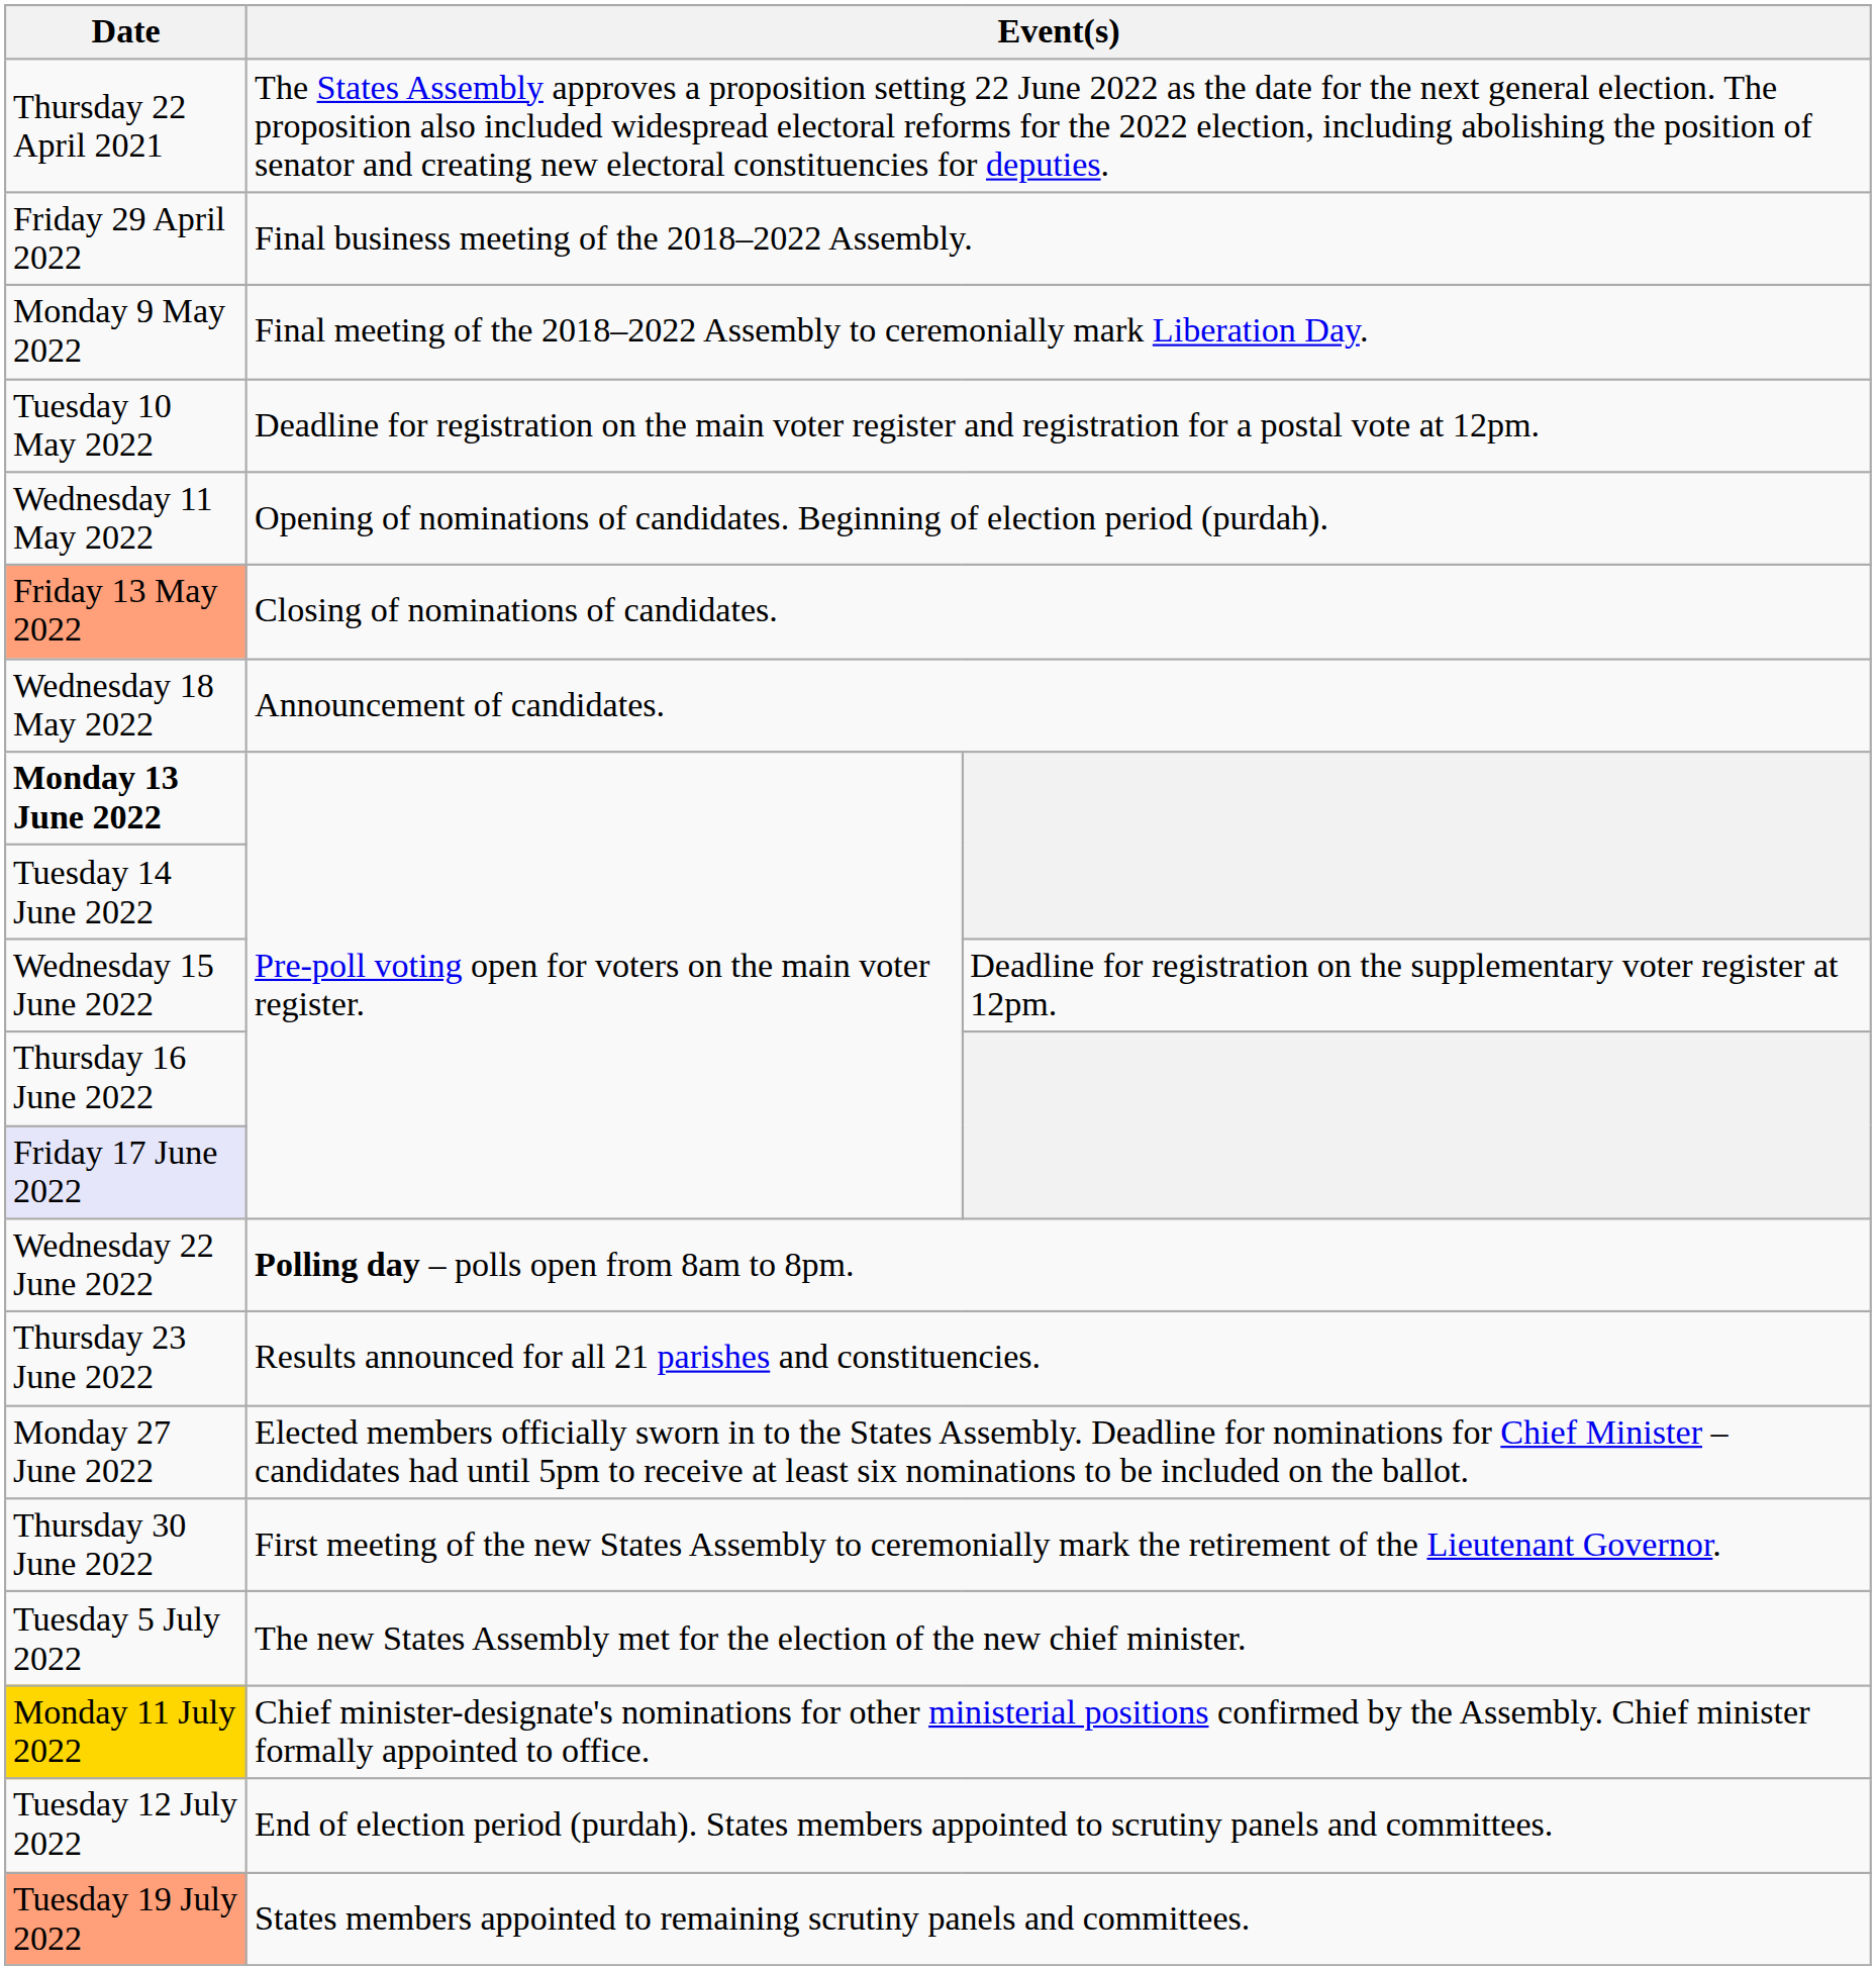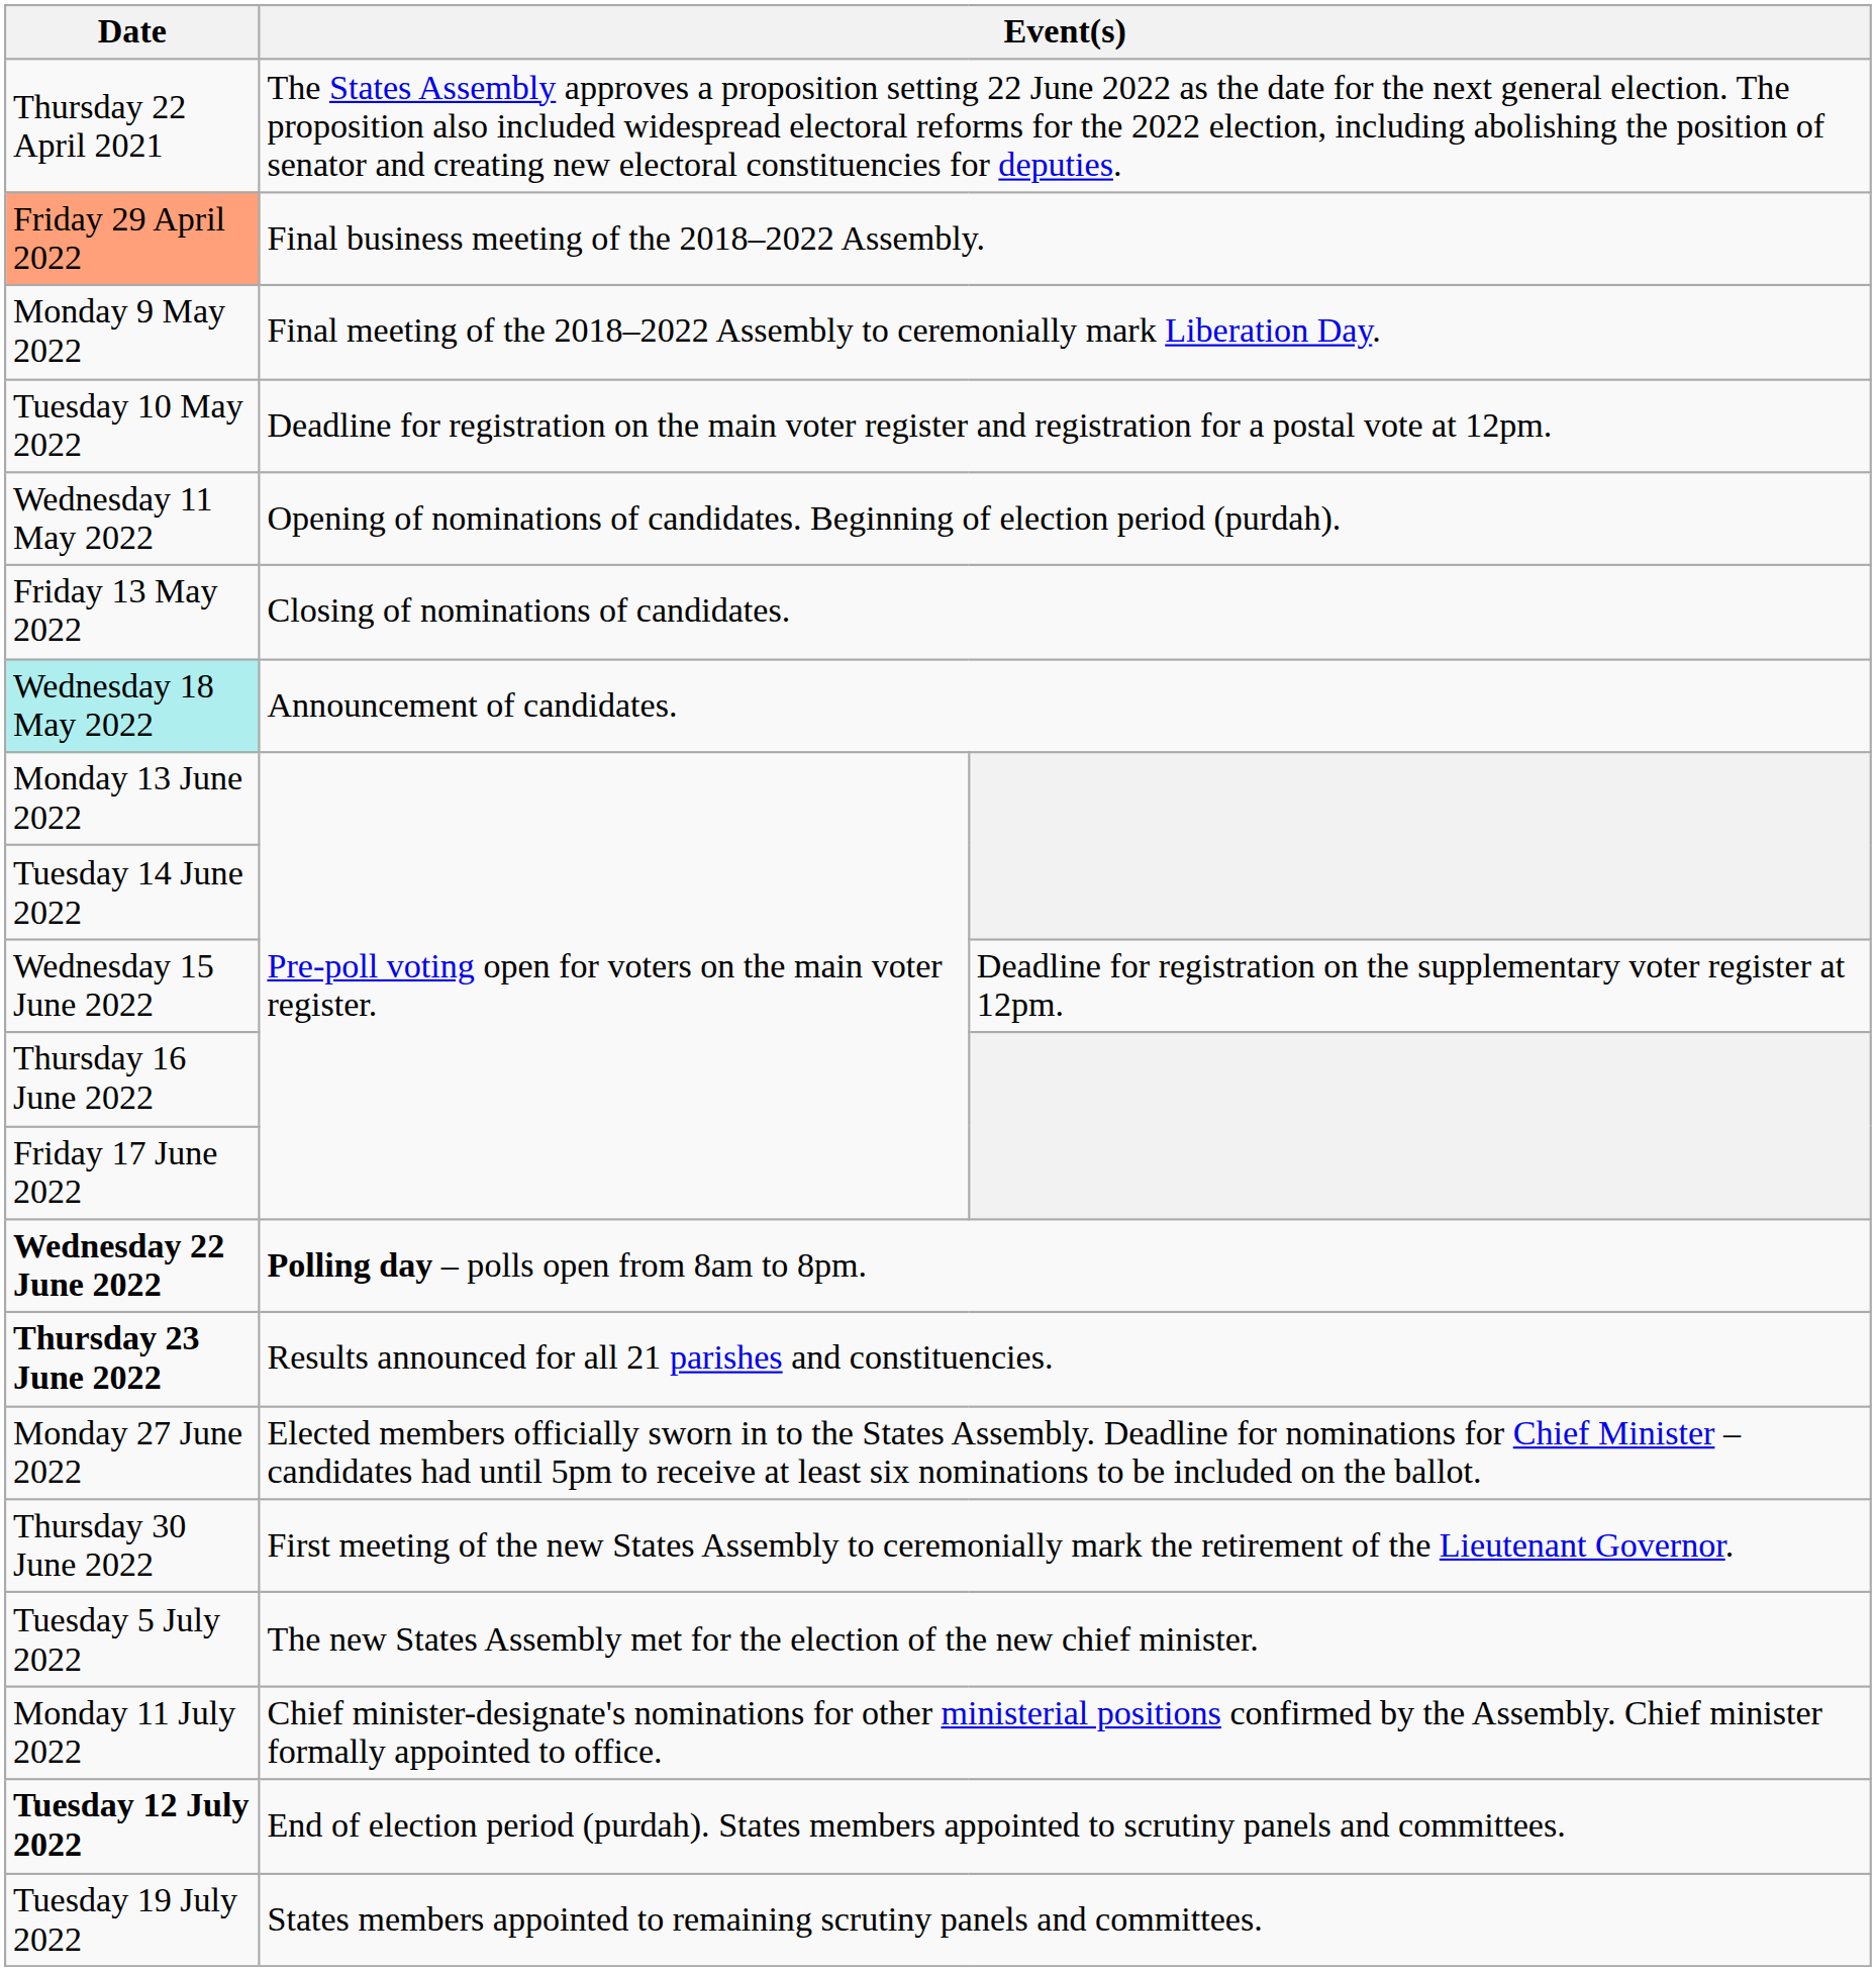 <table class="wikitable">
 <tr>
 <th>Date</th>
 <th colspan="2">Event(s)</th>
 </tr>
 <tr>
 <td>Thursday 22 April 2021</td>
 <td colspan="2">The <a href='#'>States Assembly</a> approves a proposition setting 22 June 2022 as the date for the next general election. The proposition also included widespread electoral reforms for the 2022 election, including abolishing the position of senator and creating new electoral constituencies for <a href='#'>deputies</a>.</td>
 </tr>
 <tr>
-<td>Friday 29 April 2022</td>
+<td style="background: lightsalmon;">Friday 29 April 2022</td>
 <td colspan="2">Final business meeting of the 2018–2022 Assembly.</td>
 </tr>
 <tr>
 <td>Monday 9 May 2022</td>
 <td colspan="2">Final meeting of the 2018–2022 Assembly to ceremonially mark <a href='#'>Liberation Day</a>.</td>
 </tr>
 <tr>
 <td>Tuesday 10 May 2022</td>
 <td colspan="2">Deadline for registration on the main voter register and registration for a postal vote at 12pm.</td>
 </tr>
 <tr>
 <td>Wednesday 11 May 2022</td>
 <td colspan="2">Opening of nominations of candidates. Beginning of election period (purdah).</td>
 </tr>
 <tr>
-<td style="background: lightsalmon;">Friday 13 May 2022</td>
+<td>Friday 13 May 2022</td>
 <td colspan="2">Closing of nominations of candidates.</td>
 </tr>
 <tr>
-<td>Wednesday 18 May 2022</td>
+<td style="background: paleturquoise;">Wednesday 18 May 2022</td>
 <td colspan="2">Announcement of candidates.</td>
 </tr>
 <tr>
-<td><strong>Monday 13 June 2022</strong></td>
+<td>Monday 13 June 2022</td>
 <td rowspan="5"><a href='#'>Pre-poll voting</a> open for voters on the main voter register.</td>
 <th rowspan="2"></th>
 </tr>
 <tr>
 <td>Tuesday 14 June 2022</td>
 </tr>
 <tr>
 <td>Wednesday 15 June 2022</td>
 <td>Deadline for registration on the supplementary voter register at 12pm.</td>
 </tr>
 <tr>
 <td>Thursday 16 June 2022</td>
 <th rowspan="2"></th>
 </tr>
 <tr>
-<td style="background: lavender;">Friday 17 June 2022</td>
+<td>Friday 17 June 2022</td>
 </tr>
 <tr>
-<td>Wednesday 22 June 2022</td>
+<td><strong>Wednesday 22 June 2022</strong></td>
 <td colspan="2"><strong>Polling day</strong> – polls open from 8am to 8pm.</td>
 </tr>
 <tr>
-<td>Thursday 23 June 2022</td>
+<td><strong>Thursday 23 June 2022</strong></td>
 <td colspan="2">Results announced for all 21 <a href='#'>parishes</a> and constituencies.</td>
 </tr>
 <tr>
 <td>Monday 27 June 2022</td>
 <td colspan="2">Elected members officially sworn in to the States Assembly. Deadline for nominations for <a href='#'>Chief Minister</a> – candidates had until 5pm to receive at least six nominations to be included on the ballot.</td>
 </tr>
 <tr>
 <td>Thursday 30 June 2022</td>
 <td colspan="2">First meeting of the new States Assembly to ceremonially mark the retirement of the <a href='#'>Lieutenant Governor</a>.</td>
 </tr>
 <tr>
 <td>Tuesday 5 July 2022</td>
 <td colspan="2">The new States Assembly met for the election of the new chief minister.</td>
 </tr>
 <tr>
-<td style="background: gold;">Monday 11 July 2022</td>
+<td>Monday 11 July 2022</td>
 <td colspan="2">Chief minister-designate's nominations for other <a href='#'>ministerial positions</a> confirmed by the Assembly. Chief minister formally appointed to office.</td>
 </tr>
 <tr>
-<td>Tuesday 12 July 2022</td>
+<td><strong>Tuesday 12 July 2022</strong></td>
 <td colspan="2">End of election period (purdah). States members appointed to scrutiny panels and committees.</td>
 </tr>
 <tr>
-<td style="background: lightsalmon;">Tuesday 19 July 2022</td>
+<td>Tuesday 19 July 2022</td>
 <td colspan="2">States members appointed to remaining scrutiny panels and committees.</td>
 </tr>
 <tr>
 </tr>
 </table>
